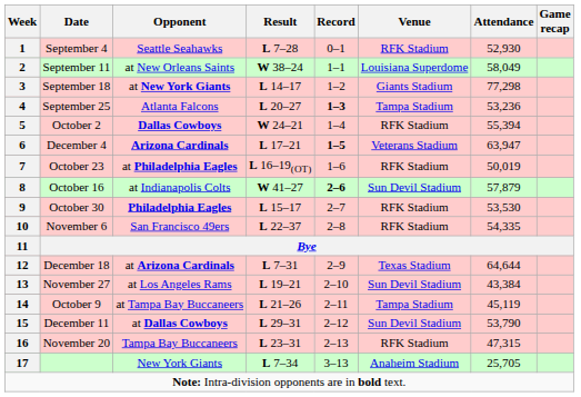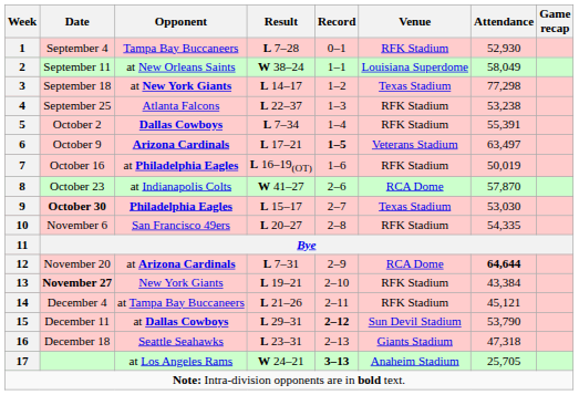 <table class="wikitable" style="text-align:center">
 <tr>
 <th>Week</th>
 <th>Date</th>
 <th>Opponent</th>
 <th>Result</th>
 <th>Record</th>
 <th>Venue</th>
 <th>Attendance</th>
 <th>Game<br>recap</th>
 </tr>
 <tr style="background:#fcc">
 <th>1</th>
 <td>September 4</td>
-<td><a href='#'>Seattle Seahawks</a></td>
+<td><a href='#'>Tampa Bay Buccaneers</a></td>
 <td><strong>L</strong> 7–28</td>
 <td>0–1</td>
 <td><a href='#'>RFK Stadium</a></td>
 <td>52,930</td>
 <td></td>
 </tr>
 <tr style="background:#cfc">
 <th>2</th>
 <td>September 11</td>
 <td>at <a href='#'>New Orleans Saints</a></td>
 <td><strong>W</strong> 38–24</td>
 <td>1–1</td>
 <td><a href='#'>Louisiana Superdome</a></td>
 <td>58,049</td>
 <td></td>
 </tr>
 <tr style="background:#fcc">
 <th>3</th>
 <td>September 18</td>
 <td>at <strong><a href='#'>New York Giants</a></strong></td>
 <td><strong>L</strong> 14–17</td>
 <td>1–2</td>
-<td><a href='#'>Giants Stadium</a></td>
+<td><a href='#'>Texas Stadium</a></td>
 <td>77,298</td>
 <td></td>
 </tr>
 <tr style="background:#fcc">
 <th>4</th>
 <td>September 25</td>
 <td><a href='#'>Atlanta Falcons</a></td>
-<td><strong>L</strong> 20–27</td>
-<td><strong>1–3</strong></td>
-<td><a href='#'>Tampa Stadium</a></td>
-<td>53,236</td>
+<td><strong>L</strong> 22–37</td>
+<td>1–3</td>
+<td>RFK Stadium</td>
+<td>53,238</td>
 <td></td>
 </tr>
 <tr style="background:#fcc">
 <th>5</th>
 <td>October 2</td>
 <td><strong><a href='#'>Dallas Cowboys</a></strong></td>
-<td><strong>W</strong> 24–21</td>
+<td><strong>L</strong> 7–34</td>
 <td>1–4</td>
 <td>RFK Stadium</td>
-<td>55,394</td>
+<td>55,391</td>
 <td></td>
 </tr>
 <tr style="background:#fcc">
 <th>6</th>
-<td>December 4</td>
+<td>October 9</td>
 <td><strong><a href='#'>Arizona Cardinals</a></strong></td>
 <td><strong>L</strong> 17–21</td>
 <td><strong>1–5</strong></td>
 <td><a href='#'>Veterans Stadium</a></td>
-<td>63,947</td>
+<td>63,497</td>
 <td></td>
 </tr>
 <tr style="background:#fcc">
 <th>7</th>
-<td>October 23</td>
+<td>October 16</td>
 <td>at <strong><a href='#'>Philadelphia Eagles</a></strong></td>
 <td><strong>L</strong> 16–19<sub>(OT)</sub></td>
 <td>1–6</td>
 <td>RFK Stadium</td>
 <td>50,019</td>
 <td></td>
 </tr>
 <tr style="background:#cfc">
 <th>8</th>
-<td>October 16</td>
+<td>October 23</td>
 <td>at <a href='#'>Indianapolis Colts</a></td>
 <td><strong>W</strong> 41–27</td>
-<td><strong>2–6</strong></td>
-<td><a href='#'>Sun Devil Stadium</a></td>
-<td>57,879</td>
+<td>2–6</td>
+<td><a href='#'>RCA Dome</a></td>
+<td>57,870</td>
 <td></td>
 </tr>
 <tr style="background:#fcc">
 <th>9</th>
-<td>October 30</td>
+<td><strong>October 30</strong></td>
 <td><strong><a href='#'>Philadelphia Eagles</a></strong></td>
 <td><strong>L</strong> 15–17</td>
 <td>2–7</td>
-<td>RFK Stadium</td>
-<td>53,530</td>
+<td><a href='#'>Texas Stadium</a></td>
+<td>53,030</td>
 <td></td>
 </tr>
 <tr style="background:#fcc">
 <th>10</th>
 <td>November 6</td>
 <td><a href='#'>San Francisco 49ers</a></td>
-<td><strong>L</strong> 22–37</td>
+<td><strong>L</strong> 20–27</td>
 <td>2–8</td>
 <td>RFK Stadium</td>
 <td>54,335</td>
 <td></td>
 </tr>
 <tr>
 <th>11</th>
 <th colspan=7 align="center"><em><a href='#'>Bye</a></em></th>
 </tr>
 <tr style="background:#fcc">
 <th>12</th>
-<td>December 18</td>
+<td>November 20</td>
 <td>at <strong><a href='#'>Arizona Cardinals</a></strong></td>
 <td><strong>L</strong> 7–31</td>
 <td>2–9</td>
-<td><a href='#'>Texas Stadium</a></td>
-<td>64,644</td>
+<td><a href='#'>RCA Dome</a></td>
+<td><strong>64,644</strong></td>
 <td></td>
 </tr>
 <tr style="background:#fcc">
 <th>13</th>
-<td>November 27</td>
-<td>at <a href='#'>Los Angeles Rams</a></td>
+<td><strong>November 27</strong></td>
+<td><a href='#'>New York Giants</a></td>
 <td><strong>L</strong> 19–21</td>
 <td>2–10</td>
-<td><a href='#'>Sun Devil Stadium</a></td>
+<td>RFK Stadium</td>
 <td>43,384</td>
 <td></td>
 </tr>
 <tr style="background:#fcc">
 <th>14</th>
-<td>October 9</td>
+<td>December 4</td>
 <td>at <a href='#'>Tampa Bay Buccaneers</a></td>
 <td><strong>L</strong> 21–26</td>
 <td>2–11</td>
-<td><a href='#'>Tampa Stadium</a></td>
-<td>45,119</td>
+<td>RFK Stadium</td>
+<td>45,121</td>
 <td></td>
 </tr>
 <tr style="background:#fcc">
 <th>15</th>
 <td>December 11</td>
 <td>at <strong><a href='#'>Dallas Cowboys</a></strong></td>
 <td><strong>L</strong> 29–31</td>
-<td>2–12</td>
+<td><strong>2–12</strong></td>
 <td><a href='#'>Sun Devil Stadium</a></td>
 <td>53,790</td>
 <td></td>
 </tr>
 <tr style="background:#fcc">
 <th>16</th>
-<td>November 20</td>
-<td><a href='#'>Tampa Bay Buccaneers</a></td>
+<td>December 18</td>
+<td><a href='#'>Seattle Seahawks</a></td>
 <td><strong>L</strong> 23–31</td>
 <td>2–13</td>
-<td>RFK Stadium</td>
-<td>47,315</td>
+<td><a href='#'>Giants Stadium</a></td>
+<td>47,318</td>
 <td></td>
 </tr>
 <tr style="background:#cfc">
 <th>17</th>
 <td></td>
-<td><a href='#'>New York Giants</a></td>
-<td><strong>L</strong> 7–34</td>
-<td>3–13</td>
+<td>at <a href='#'>Los Angeles Rams</a></td>
+<td><strong>W</strong> 24–21</td>
+<td><strong>3–13</strong></td>
 <td><a href='#'>Anaheim Stadium</a></td>
 <td>25,705</td>
 <td></td>
 </tr>
 <tr>
 <td colspan="8"><strong>Note:</strong> Intra-division opponents are in <strong>bold</strong> text.</td>
 </tr>
 </table>
